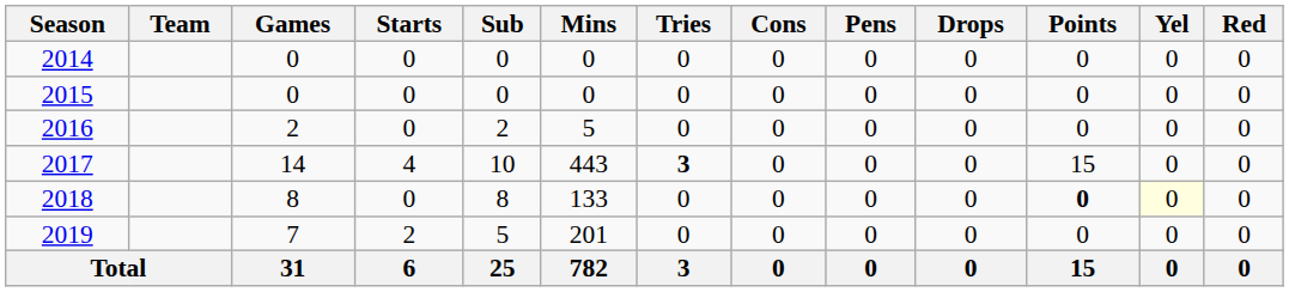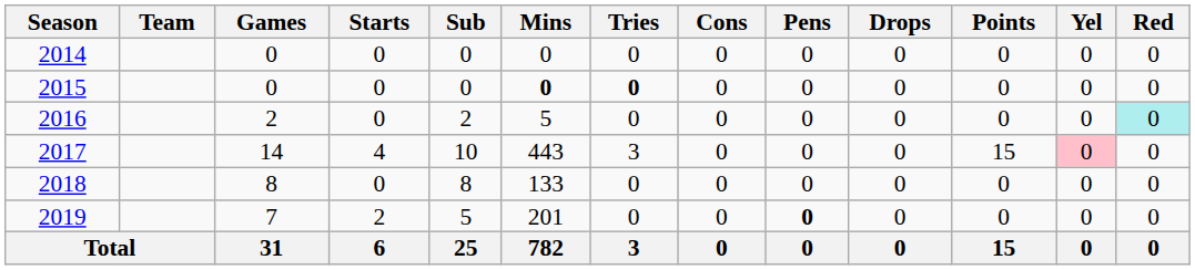 <table class="wikitable" style="text-align:center; line-height:90%; font-size:95%; width:60%;">
 <tr>
 <th>Season</th>
 <th>Team</th>
 <th>Games</th>
 <th>Starts</th>
 <th>Sub</th>
 <th>Mins</th>
 <th>Tries</th>
 <th>Cons</th>
 <th>Pens</th>
 <th>Drops</th>
 <th>Points</th>
 <th>Yel</th>
 <th>Red</th>
 </tr>
 <tr>
 <td><a href='#'>2014</a></td>
 <td></td>
 <td>0</td>
 <td>0</td>
 <td>0</td>
 <td>0</td>
 <td>0</td>
 <td>0</td>
 <td>0</td>
 <td>0</td>
 <td>0</td>
 <td>0</td>
 <td>0</td>
 </tr>
 <tr>
 <td><a href='#'>2015</a></td>
 <td></td>
 <td>0</td>
 <td>0</td>
 <td>0</td>
-<td>0</td>
-<td>0</td>
+<td><strong>0</strong></td>
+<td><strong>0</strong></td>
 <td>0</td>
 <td>0</td>
 <td>0</td>
 <td>0</td>
 <td>0</td>
 <td>0</td>
 </tr>
 <tr>
 <td><a href='#'>2016</a></td>
 <td></td>
 <td>2</td>
 <td>0</td>
 <td>2</td>
 <td>5</td>
 <td>0</td>
 <td>0</td>
 <td>0</td>
 <td>0</td>
 <td>0</td>
 <td>0</td>
-<td>0</td>
+<td style="background: paleturquoise;">0</td>
 </tr>
 <tr>
 <td><a href='#'>2017</a></td>
 <td></td>
 <td>14</td>
 <td>4</td>
 <td>10</td>
 <td>443</td>
-<td><strong>3</strong></td>
+<td>3</td>
 <td>0</td>
 <td>0</td>
 <td>0</td>
 <td>15</td>
-<td>0</td>
+<td style="background: pink;">0</td>
 <td>0</td>
 </tr>
 <tr>
 <td><a href='#'>2018</a></td>
 <td></td>
 <td>8</td>
 <td>0</td>
 <td>8</td>
 <td>133</td>
 <td>0</td>
 <td>0</td>
 <td>0</td>
 <td>0</td>
-<td><strong>0</strong></td>
-<td style="background: lightyellow;">0</td>
+<td>0</td>
+<td>0</td>
 <td>0</td>
 </tr>
 <tr>
 <td><a href='#'>2019</a></td>
 <td></td>
 <td>7</td>
 <td>2</td>
 <td>5</td>
 <td>201</td>
 <td>0</td>
 <td>0</td>
-<td>0</td>
+<td><strong>0</strong></td>
 <td>0</td>
 <td>0</td>
 <td>0</td>
 <td>0</td>
 </tr>
 <tr>
 <th colspan="2">Total</th>
 <th>31</th>
 <th>6</th>
 <th>25</th>
 <th>782</th>
 <th>3</th>
 <th>0</th>
 <th>0</th>
 <th>0</th>
 <th>15</th>
 <th>0</th>
 <th>0</th>
 </tr>
 </table>
